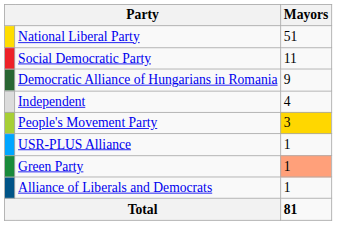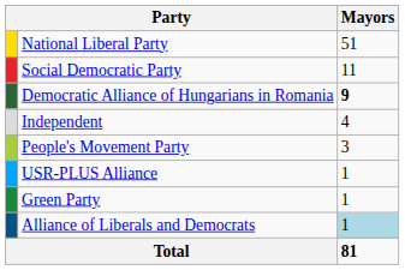 <table class="wikitable sortable">
 <tr>
 <th colspan="2">Party</th>
 <th>Mayors</th>
 </tr>
 <tr>
 <td width="5" style="background:#ffdd00;"></td>
 <td><a href='#'>National Liberal Party</a></td>
 <td>51</td>
 </tr>
 <tr>
 <td width="5" style="background:#ed2128;"></td>
 <td><a href='#'>Social Democratic Party</a></td>
 <td>11</td>
 </tr>
 <tr>
 <td width="5" style="background:#296633;"></td>
 <td><a href='#'>Democratic Alliance of Hungarians in Romania</a></td>
-<td>9</td>
+<td><strong>9</strong></td>
 </tr>
 <tr>
 <td width="5" style="background:#dcdcdc;"></td>
 <td><a href='#'>Independent</a></td>
 <td>4</td>
 </tr>
 <tr>
 <td width="5" style="background:#a7cf35;"></td>
 <td><a href='#'>People's Movement Party</a></td>
-<td style="background: gold;">3</td>
+<td>3</td>
 </tr>
 <tr>
 <td width="5" style="background:#00a6ff;"></td>
 <td><a href='#'>USR-PLUS Alliance</a></td>
 <td>1</td>
 </tr>
 <tr>
 <td width="5" style="background:#198a3a;"></td>
 <td><a href='#'>Green Party</a></td>
-<td style="background: lightsalmon;">1</td>
+<td>1</td>
 </tr>
 <tr>
 <td width="5" style="background:#005487;"></td>
 <td><a href='#'>Alliance of Liberals and Democrats</a></td>
-<td>1</td>
+<td style="background: lightblue;">1</td>
 </tr>
 <tr>
 <th colspan="2">Total</th>
 <td><strong>81</strong></td>
 </tr>
 </table>
